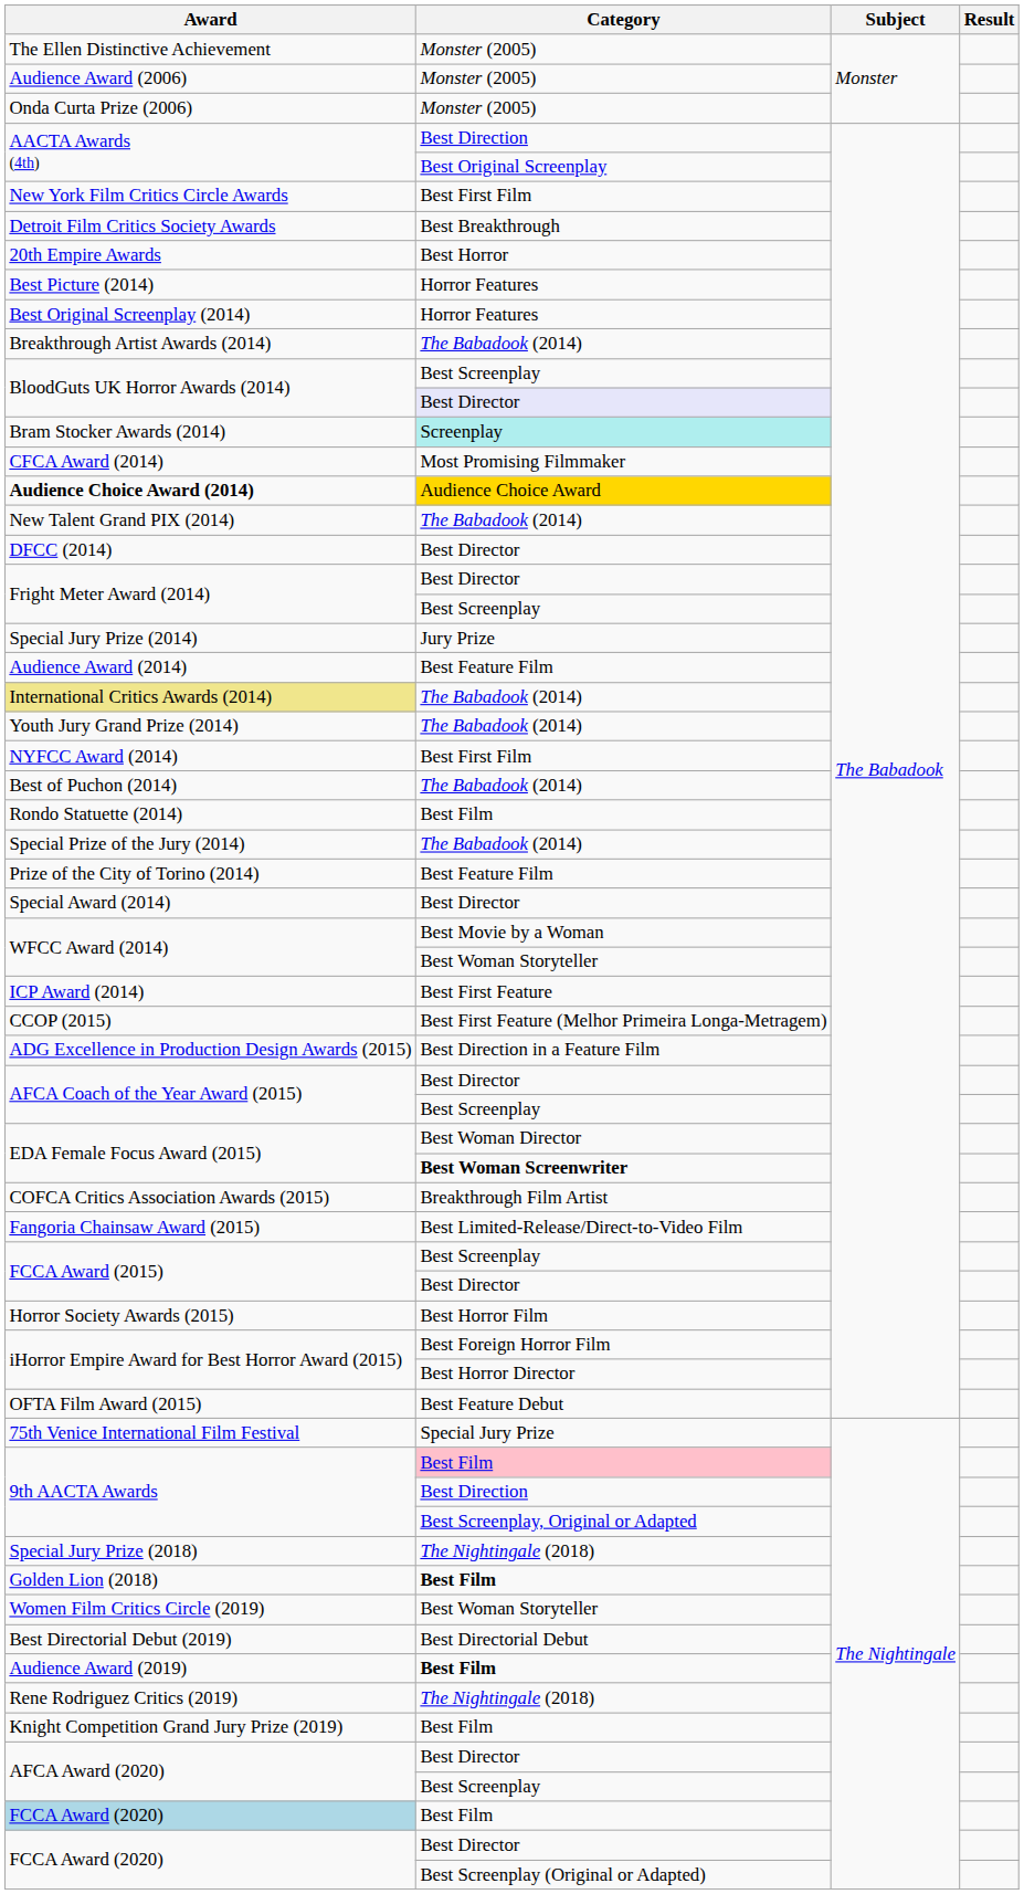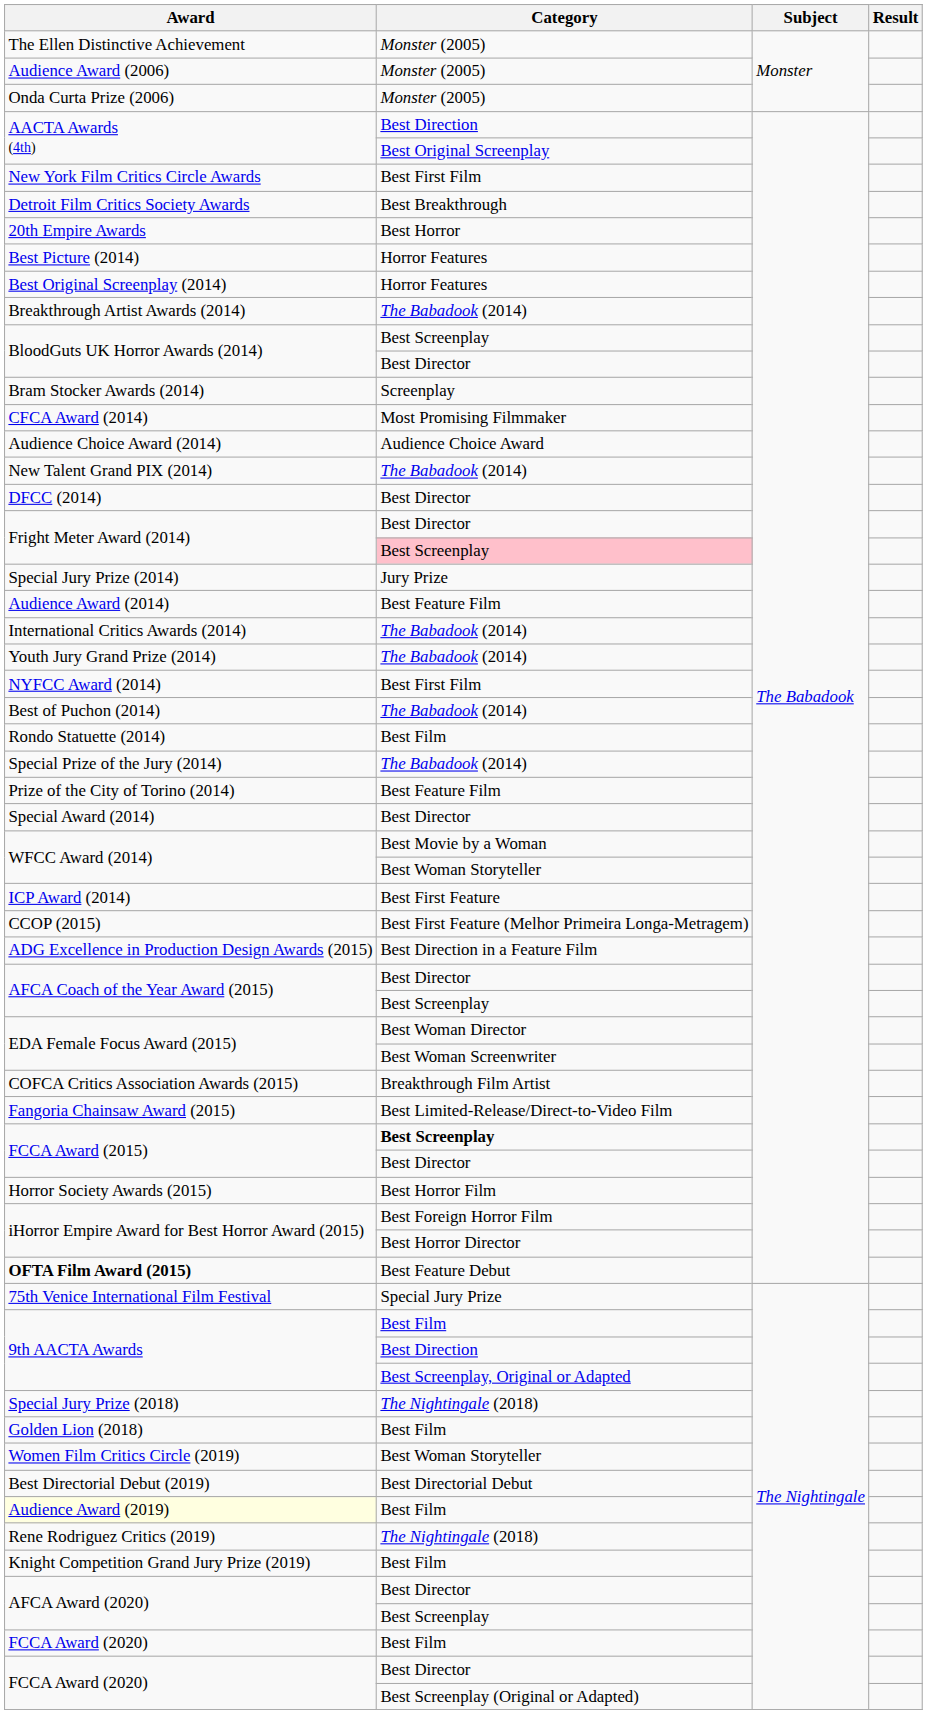 <table class="wikitable">
 <tr>
 <th>Award</th>
 <th>Category</th>
 <th>Subject</th>
 <th>Result</th>
 </tr>
 <tr>
 <td>The Ellen Distinctive Achievement</td>
 <td><em>Monster</em> (2005)</td>
 <td rowspan="3"><em>Monster</em></td>
 <td></td>
 </tr>
 <tr>
 <td><a href='#'>Audience Award</a> (2006)</td>
 <td><em>Monster</em> (2005)</td>
 <td></td>
 </tr>
 <tr>
 <td>Onda Curta Prize (2006)</td>
 <td><em>Monster</em> (2005)</td>
 <td></td>
 </tr>
 <tr>
 <td rowspan="2"><a href='#'>AACTA Awards</a><br><small>(<a href='#'>4th</a>)</small></td>
 <td><a href='#'>Best Direction</a></td>
 <td rowspan="44"><em><a href='#'>The Babadook</a></em></td>
 <td></td>
 </tr>
 <tr>
 <td><a href='#'>Best Original Screenplay</a></td>
 <td></td>
 </tr>
 <tr>
 <td><a href='#'>New York Film Critics Circle Awards</a></td>
 <td>Best First Film</td>
 <td></td>
 </tr>
 <tr>
 <td><a href='#'>Detroit Film Critics Society Awards</a></td>
 <td>Best Breakthrough</td>
 <td></td>
 </tr>
 <tr>
 <td><a href='#'>20th Empire Awards</a></td>
 <td>Best Horror</td>
 <td></td>
 </tr>
 <tr>
 <td><a href='#'>Best Picture</a> (2014)</td>
 <td>Horror Features</td>
 <td></td>
 </tr>
 <tr>
 <td><a href='#'>Best Original Screenplay</a> (2014)</td>
 <td>Horror Features</td>
 <td></td>
 </tr>
 <tr>
 <td>Breakthrough Artist Awards (2014)</td>
 <td><em><a href='#'>The Babadook</a></em> (2014)</td>
 <td></td>
 </tr>
 <tr>
 <td rowspan="2">BloodGuts UK Horror Awards (2014)</td>
 <td>Best Screenplay</td>
 <td></td>
 </tr>
 <tr>
-<td style="background: lavender;">Best Director</td>
+<td>Best Director</td>
 <td></td>
 </tr>
 <tr>
 <td>Bram Stocker Awards (2014)</td>
-<td style="background: paleturquoise;">Screenplay</td>
+<td>Screenplay</td>
 <td></td>
 </tr>
 <tr>
 <td><a href='#'>CFCA Award</a> (2014)</td>
 <td>Most Promising Filmmaker</td>
 <td></td>
 </tr>
 <tr>
-<td><strong>Audience Choice Award (2014)</strong></td>
-<td style="background: gold;">Audience Choice Award</td>
+<td>Audience Choice Award (2014)</td>
+<td>Audience Choice Award</td>
 <td></td>
 </tr>
 <tr>
 <td>New Talent Grand PIX (2014)</td>
 <td><em><a href='#'>The Babadook</a></em> (2014)</td>
 <td></td>
 </tr>
 <tr>
 <td><a href='#'>DFCC</a> (2014)</td>
 <td>Best Director</td>
 <td></td>
 </tr>
 <tr>
 <td rowspan="2">Fright Meter Award (2014)</td>
 <td>Best Director</td>
 <td></td>
 </tr>
 <tr>
-<td>Best Screenplay</td>
+<td style="background: pink;">Best Screenplay</td>
 <td></td>
 </tr>
 <tr>
 <td>Special Jury Prize (2014)</td>
 <td>Jury Prize</td>
 <td></td>
 </tr>
 <tr>
 <td><a href='#'>Audience Award</a> (2014)</td>
 <td>Best Feature Film</td>
 <td></td>
 </tr>
 <tr>
-<td style="background: khaki;">International Critics Awards (2014)</td>
+<td>International Critics Awards (2014)</td>
 <td><em><a href='#'>The Babadook</a></em> (2014)</td>
 <td></td>
 </tr>
 <tr>
 <td>Youth Jury Grand Prize (2014)</td>
 <td><em><a href='#'>The Babadook</a></em> (2014)</td>
 <td></td>
 </tr>
 <tr>
 <td><a href='#'>NYFCC Award</a> (2014)</td>
 <td>Best First Film</td>
 <td></td>
 </tr>
 <tr>
 <td>Best of Puchon (2014)</td>
 <td><em><a href='#'>The Babadook</a></em> (2014)</td>
 <td></td>
 </tr>
 <tr>
 <td>Rondo Statuette (2014)</td>
 <td>Best Film</td>
 <td></td>
 </tr>
 <tr>
 <td>Special Prize of the Jury (2014)</td>
 <td><em><a href='#'>The Babadook</a></em> (2014)</td>
 <td></td>
 </tr>
 <tr>
 <td>Prize of the City of Torino (2014)</td>
 <td>Best Feature Film</td>
 <td></td>
 </tr>
 <tr>
 <td>Special Award (2014)</td>
 <td>Best Director</td>
 <td></td>
 </tr>
 <tr>
 <td rowspan="2">WFCC Award (2014)</td>
 <td>Best Movie by a Woman</td>
 <td></td>
 </tr>
 <tr>
 <td>Best Woman Storyteller</td>
 <td></td>
 </tr>
 <tr>
 <td><a href='#'>ICP Award</a> (2014)</td>
 <td>Best First Feature</td>
 <td></td>
 </tr>
 <tr>
 <td>CCOP (2015)</td>
 <td>Best First Feature (Melhor Primeira Longa-Metragem)</td>
 <td></td>
 </tr>
 <tr>
 <td><a href='#'>ADG Excellence in Production Design Awards</a> (2015)</td>
 <td>Best Direction in a Feature Film</td>
 <td></td>
 </tr>
 <tr>
 <td rowspan="2"><a href='#'>AFCA Coach of the Year Award</a> (2015)</td>
 <td>Best Director</td>
 <td></td>
 </tr>
 <tr>
 <td>Best Screenplay</td>
 <td></td>
 </tr>
 <tr>
 <td rowspan="2">EDA Female Focus Award (2015)</td>
 <td>Best Woman Director</td>
 <td></td>
 </tr>
 <tr>
-<td><strong>Best Woman Screenwriter</strong></td>
+<td>Best Woman Screenwriter</td>
 <td></td>
 </tr>
 <tr>
 <td>COFCA Critics Association Awards (2015)</td>
 <td>Breakthrough Film Artist</td>
 <td></td>
 </tr>
 <tr>
 <td><a href='#'>Fangoria Chainsaw Award</a> (2015)</td>
 <td>Best Limited-Release/Direct-to-Video Film</td>
 <td></td>
 </tr>
 <tr>
 <td rowspan="2"><a href='#'>FCCA Award</a> (2015)</td>
-<td>Best Screenplay</td>
+<td><strong>Best Screenplay</strong></td>
 <td></td>
 </tr>
 <tr>
 <td>Best Director</td>
 <td></td>
 </tr>
 <tr>
 <td>Horror Society Awards (2015)</td>
 <td>Best Horror Film</td>
 <td></td>
 </tr>
 <tr>
 <td rowspan="2">iHorror Empire Award for Best Horror Award (2015)</td>
 <td>Best Foreign Horror Film</td>
 <td></td>
 </tr>
 <tr>
 <td>Best Horror Director</td>
 <td></td>
 </tr>
 <tr>
-<td>OFTA Film Award (2015)</td>
+<td><strong>OFTA Film Award (2015)</strong></td>
 <td>Best Feature Debut</td>
 <td></td>
 </tr>
 <tr>
 <td><a href='#'>75th Venice International Film Festival</a></td>
 <td>Special Jury Prize</td>
 <td rowspan="16"><em><a href='#'>The Nightingale</a></em></td>
 <td></td>
 </tr>
 <tr>
 <td rowspan="3"><a href='#'>9th AACTA Awards</a></td>
-<td style="background: pink;"><a href='#'>Best Film</a></td>
+<td><a href='#'>Best Film</a></td>
 <td></td>
 </tr>
 <tr>
 <td><a href='#'>Best Direction</a></td>
 <td></td>
 </tr>
 <tr>
 <td><a href='#'>Best Screenplay, Original or Adapted</a></td>
 <td></td>
 </tr>
 <tr>
 <td><a href='#'>Special Jury Prize</a> (2018)</td>
 <td><em><a href='#'>The Nightingale</a></em> (2018)</td>
 <td></td>
 </tr>
 <tr>
 <td><a href='#'>Golden Lion</a> (2018)</td>
-<td><strong>Best Film</strong></td>
+<td>Best Film</td>
 <td></td>
 </tr>
 <tr>
 <td><a href='#'>Women Film Critics Circle</a> (2019)</td>
 <td>Best Woman Storyteller</td>
 <td></td>
 </tr>
 <tr>
 <td>Best Directorial Debut (2019)</td>
 <td>Best Directorial Debut</td>
 <td></td>
 </tr>
 <tr>
-<td><a href='#'>Audience Award</a> (2019)</td>
-<td><strong>Best Film</strong></td>
+<td style="background: lightyellow;"><a href='#'>Audience Award</a> (2019)</td>
+<td>Best Film</td>
 <td></td>
 </tr>
 <tr>
 <td>Rene Rodriguez Critics (2019)</td>
 <td><em><a href='#'>The Nightingale</a></em> (2018)</td>
 <td></td>
 </tr>
 <tr>
 <td>Knight Competition Grand Jury Prize (2019)</td>
 <td>Best Film</td>
 <td></td>
 </tr>
 <tr>
 <td rowspan="2">AFCA Award (2020)</td>
 <td>Best Director</td>
 <td></td>
 </tr>
 <tr>
 <td>Best Screenplay</td>
 <td></td>
 </tr>
 <tr>
-<td style="background: lightblue;"><a href='#'>FCCA Award</a> (2020)</td>
+<td><a href='#'>FCCA Award</a> (2020)</td>
 <td>Best Film</td>
 <td></td>
 </tr>
 <tr>
 <td rowspan="2">FCCA Award (2020)</td>
 <td>Best Director</td>
 <td></td>
 </tr>
 <tr>
 <td>Best Screenplay (Original or Adapted)</td>
 <td></td>
 </tr>
 <tr>
 </tr>
 </table>
